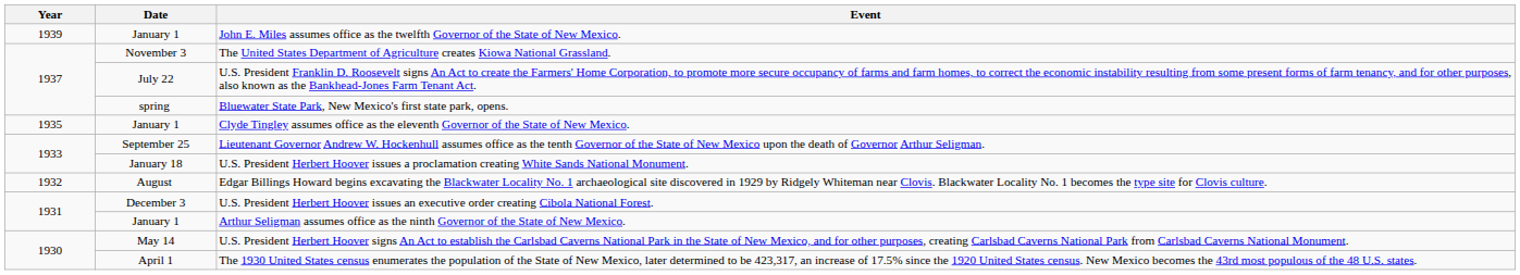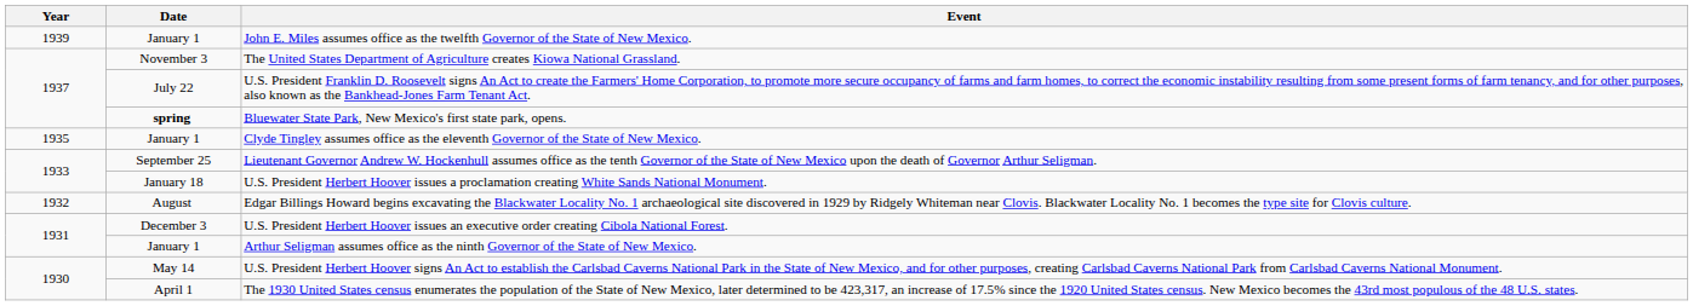 <table class="wikitable" style="width:100%;">
 <tr>
 <th style="width:6%">Year</th>
 <th style="width:8%">Date</th>
 <th style="width:86%">Event</th>
 </tr>
 <tr>
 <td align=center rowspan=1>1939</td>
 <td align=center>January 1</td>
 <td><a href='#'>John E. Miles</a> assumes office as the twelfth <a href='#'>Governor of the State of New Mexico</a>.</td>
 </tr>
 <tr>
 <td align=center rowspan=3>1937</td>
 <td align=center>November 3</td>
 <td>The <a href='#'>United States Department of Agriculture</a> creates <a href='#'>Kiowa National Grassland</a>.</td>
 </tr>
 <tr>
 <td align=center>July 22</td>
 <td>U.S. President <a href='#'>Franklin D. Roosevelt</a> signs <a href='#'>An Act to create the Farmers' Home Corporation, to promote more secure occupancy of farms and farm homes, to correct the economic instability resulting from some present forms of farm tenancy, and for other purposes</a>, also known as the <a href='#'>Bankhead-Jones Farm Tenant Act</a>.</td>
 </tr>
 <tr>
-<td align=center>spring </td>
+<td align=center><strong>spring </strong></td>
 <td><a href='#'>Bluewater State Park</a>, New Mexico's first state park, opens.</td>
 </tr>
 <tr>
 <td align=center rowspan=1>1935</td>
 <td align=center>January 1</td>
 <td><a href='#'>Clyde Tingley</a> assumes office as the eleventh <a href='#'>Governor of the State of New Mexico</a>.</td>
 </tr>
 <tr>
 <td align=center rowspan=2>1933</td>
 <td align=center>September 25</td>
 <td><a href='#'>Lieutenant Governor</a> <a href='#'>Andrew W. Hockenhull</a> assumes office as the tenth <a href='#'>Governor of the State of New Mexico</a> upon the death of <a href='#'>Governor</a> <a href='#'>Arthur Seligman</a>.</td>
 </tr>
 <tr>
 <td align=center>January 18</td>
 <td>U.S. President <a href='#'>Herbert Hoover</a> issues a proclamation creating <a href='#'>White Sands National Monument</a>.</td>
 </tr>
 <tr>
 <td align=center rowspan=1>1932</td>
 <td align=center>August </td>
 <td>Edgar Billings Howard begins excavating the <a href='#'>Blackwater Locality No. 1</a> archaeological site discovered in 1929 by Ridgely Whiteman near <a href='#'>Clovis</a>. Blackwater Locality No. 1 becomes the <a href='#'>type site</a> for <a href='#'>Clovis culture</a>.</td>
 </tr>
 <tr>
 <td align=center rowspan=2>1931</td>
 <td align=center>December 3</td>
 <td>U.S. President <a href='#'>Herbert Hoover</a> issues an executive order creating <a href='#'>Cibola National Forest</a>.</td>
 </tr>
 <tr>
 <td align=center>January 1</td>
 <td><a href='#'>Arthur Seligman</a> assumes office as the ninth <a href='#'>Governor of the State of New Mexico</a>.</td>
 </tr>
 <tr>
 <td align=center rowspan=2>1930</td>
 <td align=center>May 14</td>
 <td>U.S. President <a href='#'>Herbert Hoover</a> signs <a href='#'>An Act to establish the Carlsbad Caverns National Park in the State of New Mexico, and for other purposes</a>, creating <a href='#'>Carlsbad Caverns National Park</a> from <a href='#'>Carlsbad Caverns National Monument</a>.</td>
 </tr>
 <tr>
 <td align=center>April 1</td>
 <td>The <a href='#'>1930 United States census</a> enumerates the population of the State of New Mexico, later determined to be 423,317, an increase of 17.5% since the <a href='#'>1920 United States census</a>. New Mexico becomes the <a href='#'>43rd most populous of the 48 U.S. states</a>.</td>
 </tr>
 </table>
